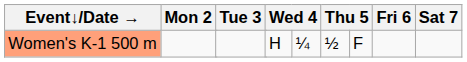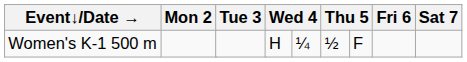 <table class="wikitable olympic-schedule canoeing">
 <tr>
 <th>Event↓/Date →</th>
 <th colspan="2">Mon 2</th>
 <th colspan="2">Tue 3</th>
 <th colspan="2">Wed 4</th>
 <th colspan="2">Thu 5</th>
 <th colspan="2">Fri 6</th>
 <th colspan="2">Sat 7</th>
 </tr>
 <tr>
-<td class="event" style="background: lightsalmon;">Women's K-1 500 m</td>
+<td class="event">Women's K-1 500 m</td>
 <td colspan="2"></td>
 <td colspan="2"></td>
 <td class="heats">H</td>
 <td class="quarterfinals">¼</td>
 <td class="semifinals">½</td>
 <td class="final">F</td>
 <td colspan="2"></td>
 <td colspan="2"></td>
 </tr>
 </table>
